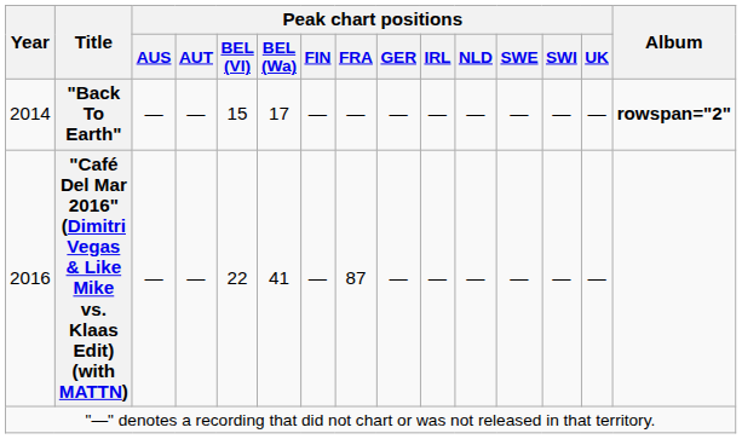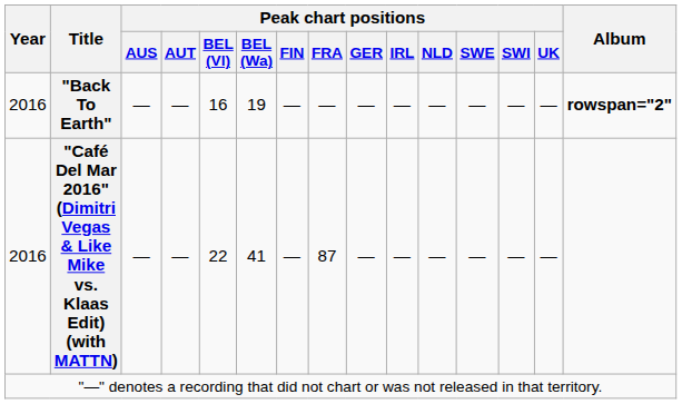 <table class="wikitable plainrowheaders" style="text-align:center;">
 <tr>
 <th scope="col" rowspan="2" style="width:1em;">Year</th>
 <th scope="col" rowspan="2" style="width:15em;">Title</th>
 <th scope="col" colspan="12">Peak chart positions</th>
 <th scope="col" rowspan="2" style="width:10em;">Album</th>
 </tr>
 <tr>
 <th scope="col" style="width:2.5em;font-size:90%;"><a href='#'>AUS</a><br></th>
 <th scope="col" style="width:2.5em;font-size:90%;"><a href='#'>AUT</a><br></th>
 <th scope="col" style="width:2.5em;font-size:90%;"><a href='#'>BEL (Vl)</a><br></th>
 <th scope="col" style="width:2.5em;font-size:90%;"><a href='#'>BEL (Wa)</a><br></th>
 <th scope="col" style="width:2.5em;font-size:90%;"><a href='#'>FIN</a><br></th>
 <th scope="col" style="width:2.5em;font-size:90%;"><a href='#'>FRA</a><br></th>
 <th scope="col" style="width:2.5em;font-size:90%;"><a href='#'>GER</a><br></th>
 <th scope="col" style="width:2.5em;font-size:90%;"><a href='#'>IRL</a><br></th>
 <th scope="col" style="width:2.5em;font-size:90%;"><a href='#'>NLD</a><br></th>
 <th scope="col" style="width:2.5em;font-size:90%;"><a href='#'>SWE</a><br></th>
 <th scope="col" style="width:2.5em;font-size:90%;"><a href='#'>SWI</a><br></th>
 <th scope="col" style="width:2.5em;font-size:90%;"><a href='#'>UK</a><br></th>
 </tr>
 <tr>
-<td rowspan="1">2014</td>
+<td rowspan="1">2016</td>
 <th scope="row">"Back To Earth"</th>
 <td>—</td>
 <td>—</td>
-<td>15</td>
-<td>17</td>
+<td>16</td>
+<td>19</td>
 <td>—</td>
 <td>—</td>
 <td>—</td>
 <td>—</td>
 <td>—</td>
 <td>—</td>
 <td>—</td>
 <td>—</td>
 <td><strong>rowspan="2" </strong></td>
 </tr>
 <tr>
 <td rowspan="1">2016</td>
 <th scope="row">"Café Del Mar 2016" (<a href='#'>Dimitri Vegas & Like Mike</a> vs. Klaas Edit) <br><span>(with <a href='#'>MATTN</a>)</span></th>
 <td>—</td>
 <td>—</td>
 <td>22</td>
 <td>41</td>
 <td>—</td>
 <td>87</td>
 <td>—</td>
 <td>—</td>
 <td>—</td>
 <td>—</td>
 <td>—</td>
 <td>—</td>
 </tr>
 <tr>
 <td colspan="16" style="font-size:90%">"—" denotes a recording that did not chart or was not released in that territory.</td>
 </tr>
 </table>
